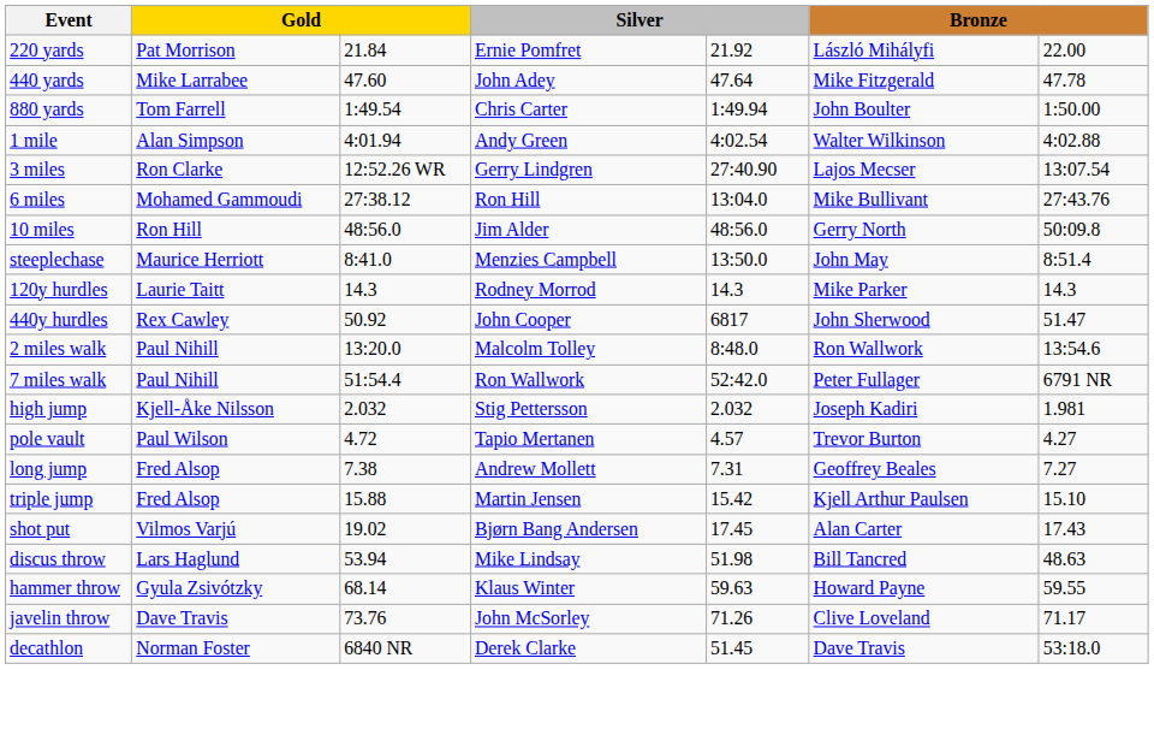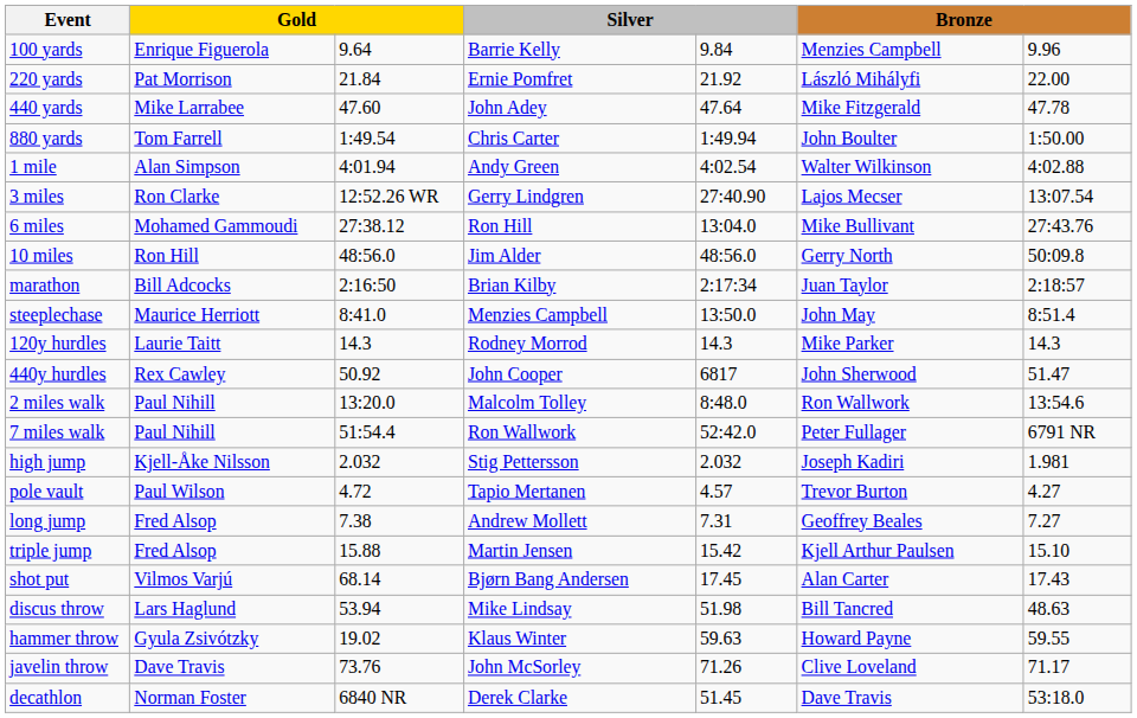 <table class="wikitable" style="text-align:left">
 <tr>
 <th width=100>Event</th>
 <th colspan="2" width="280" style="background:gold;">Gold</th>
 <th colspan="2" width="280" style="background:silver;">Silver</th>
 <th colspan="2" width="280" style="background:#CD7F32;">Bronze</th>
+</tr>
+<tr>
+<td><a href='#'>100 yards</a></td>
+<td> <a href='#'>Enrique Figuerola</a></td>
+<td>9.64</td>
+<td><a href='#'>Barrie Kelly</a></td>
+<td>9.84</td>
+<td> <a href='#'>Menzies Campbell</a></td>
+<td>9.96</td>
 </tr>
 <tr>
 <td><a href='#'>220 yards</a></td>
 <td><a href='#'>Pat Morrison</a></td>
 <td>21.84</td>
 <td><a href='#'>Ernie Pomfret</a></td>
 <td>21.92</td>
 <td> <a href='#'>László Mihályfi</a></td>
 <td>22.00</td>
 </tr>
 <tr>
 <td><a href='#'>440 yards</a></td>
 <td> <a href='#'>Mike Larrabee</a></td>
 <td>47.60</td>
 <td><a href='#'>John Adey</a></td>
 <td>47.64</td>
 <td><a href='#'>Mike Fitzgerald</a></td>
 <td>47.78</td>
 </tr>
 <tr>
 <td><a href='#'>880 yards</a></td>
 <td> <a href='#'>Tom Farrell</a></td>
 <td>1:49.54</td>
 <td><a href='#'>Chris Carter</a></td>
 <td>1:49.94</td>
 <td><a href='#'>John Boulter</a></td>
 <td>1:50.00</td>
 </tr>
 <tr>
 <td><a href='#'>1 mile</a></td>
 <td><a href='#'>Alan Simpson</a></td>
 <td>4:01.94</td>
 <td><a href='#'>Andy Green</a></td>
 <td>4:02.54</td>
 <td><a href='#'>Walter Wilkinson</a></td>
 <td>4:02.88</td>
 </tr>
 <tr>
 <td><a href='#'>3 miles</a></td>
 <td> <a href='#'>Ron Clarke</a></td>
 <td>12:52.26 WR</td>
 <td> <a href='#'>Gerry Lindgren</a></td>
 <td>27:40.90</td>
 <td> <a href='#'>Lajos Mecser</a></td>
 <td>13:07.54</td>
 </tr>
 <tr>
 <td><a href='#'>6 miles</a></td>
 <td> <a href='#'>Mohamed Gammoudi</a></td>
 <td>27:38.12</td>
 <td><a href='#'>Ron Hill</a></td>
 <td>13:04.0</td>
 <td><a href='#'>Mike Bullivant</a></td>
 <td>27:43.76</td>
 </tr>
 <tr>
 <td><a href='#'>10 miles</a></td>
 <td><a href='#'>Ron Hill</a></td>
 <td>48:56.0</td>
 <td> <a href='#'>Jim Alder</a></td>
 <td>48:56.0</td>
 <td><a href='#'>Gerry North</a></td>
 <td>50:09.8</td>
+</tr>
+<tr>
+<td><a href='#'>marathon</a></td>
+<td><a href='#'>Bill Adcocks</a></td>
+<td>2:16:50</td>
+<td><a href='#'>Brian Kilby</a></td>
+<td>2:17:34</td>
+<td><a href='#'>Juan Taylor</a></td>
+<td>2:18:57</td>
 </tr>
 <tr>
 <td><a href='#'>steeplechase</a></td>
 <td><a href='#'>Maurice Herriott</a></td>
 <td>8:41.0</td>
 <td> <a href='#'>Menzies Campbell</a></td>
 <td>13:50.0</td>
 <td><a href='#'>John May</a></td>
 <td>8:51.4</td>
 </tr>
 <tr>
 <td><a href='#'>120y hurdles</a></td>
 <td><a href='#'>Laurie Taitt</a></td>
 <td>14.3</td>
 <td><a href='#'>Rodney Morrod</a></td>
 <td>14.3</td>
 <td><a href='#'>Mike Parker</a></td>
 <td>14.3</td>
 </tr>
 <tr>
 <td><a href='#'>440y hurdles</a></td>
 <td> <a href='#'>Rex Cawley</a></td>
 <td>50.92</td>
 <td><a href='#'>John Cooper</a></td>
 <td>6817</td>
 <td><a href='#'>John Sherwood</a></td>
 <td>51.47</td>
 </tr>
 <tr>
 <td><a href='#'>2 miles walk</a></td>
 <td><a href='#'>Paul Nihill</a></td>
 <td>13:20.0</td>
 <td><a href='#'>Malcolm Tolley</a></td>
 <td>8:48.0</td>
 <td><a href='#'>Ron Wallwork</a></td>
 <td>13:54.6</td>
 </tr>
 <tr>
 <td><a href='#'>7 miles walk</a></td>
 <td><a href='#'>Paul Nihill</a></td>
 <td>51:54.4</td>
 <td><a href='#'>Ron Wallwork</a></td>
 <td>52:42.0</td>
 <td><a href='#'>Peter Fullager</a></td>
 <td>6791 NR</td>
 </tr>
 <tr>
 <td><a href='#'>high jump</a></td>
 <td> <a href='#'>Kjell-Åke Nilsson</a></td>
 <td>2.032</td>
 <td> <a href='#'>Stig Pettersson</a></td>
 <td>2.032</td>
 <td> <a href='#'>Joseph Kadiri</a></td>
 <td>1.981</td>
 </tr>
 <tr>
 <td><a href='#'>pole vault</a></td>
 <td> <a href='#'>Paul Wilson</a></td>
 <td>4.72</td>
 <td> <a href='#'>Tapio Mertanen</a></td>
 <td>4.57</td>
 <td><a href='#'>Trevor Burton</a></td>
 <td>4.27</td>
 </tr>
 <tr>
 <td><a href='#'>long jump</a></td>
 <td><a href='#'>Fred Alsop</a></td>
 <td>7.38</td>
 <td> <a href='#'>Andrew Mollett</a></td>
 <td>7.31</td>
 <td><a href='#'>Geoffrey Beales</a></td>
 <td>7.27</td>
 </tr>
 <tr>
 <td><a href='#'>triple jump</a></td>
 <td><a href='#'>Fred Alsop</a></td>
 <td>15.88</td>
 <td> <a href='#'>Martin Jensen</a></td>
 <td>15.42</td>
 <td> <a href='#'>Kjell Arthur Paulsen</a></td>
 <td>15.10</td>
 </tr>
 <tr>
 <td><a href='#'>shot put</a></td>
 <td> <a href='#'>Vilmos Varjú</a></td>
-<td>19.02</td>
+<td>68.14</td>
 <td> <a href='#'>Bjørn Bang Andersen</a></td>
 <td>17.45</td>
 <td><a href='#'>Alan Carter</a></td>
 <td>17.43</td>
 </tr>
 <tr>
 <td><a href='#'>discus throw</a></td>
 <td> <a href='#'>Lars Haglund</a></td>
 <td>53.94</td>
 <td> <a href='#'>Mike Lindsay</a></td>
 <td>51.98</td>
 <td><a href='#'>Bill Tancred</a></td>
 <td>48.63</td>
 </tr>
 <tr>
 <td><a href='#'>hammer throw</a></td>
 <td> <a href='#'>Gyula Zsivótzky</a></td>
-<td>68.14</td>
+<td>19.02</td>
 <td> <a href='#'>Klaus Winter</a></td>
 <td>59.63</td>
 <td><a href='#'>Howard Payne</a></td>
 <td>59.55</td>
 </tr>
 <tr>
 <td><a href='#'>javelin throw</a></td>
 <td><a href='#'>Dave Travis</a></td>
 <td>73.76</td>
 <td><a href='#'>John McSorley</a></td>
 <td>71.26</td>
 <td><a href='#'>Clive Loveland</a></td>
 <td>71.17</td>
 </tr>
 <tr>
 <td><a href='#'>decathlon</a></td>
 <td> <a href='#'>Norman Foster</a></td>
 <td>6840 NR</td>
 <td><a href='#'>Derek Clarke</a></td>
 <td>51.45</td>
 <td><a href='#'>Dave Travis</a></td>
 <td>53:18.0</td>
 </tr>
 </table>
